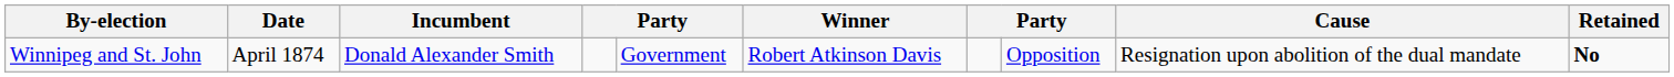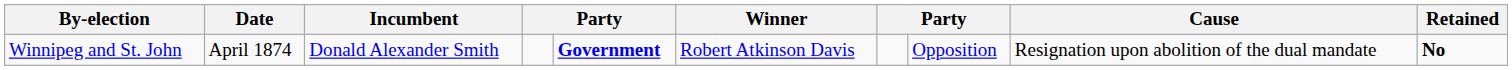 <table class=wikitable style="width:100%">
 <tr>
 <th>By-election</th>
 <th>Date</th>
 <th>Incumbent</th>
 <th colspan=2>Party</th>
 <th>Winner</th>
 <th colspan=2>Party</th>
 <th>Cause</th>
 <th>Retained</th>
 </tr>
 <tr>
 <td><a href='#'>Winnipeg and St. John</a></td>
 <td>April 1874</td>
 <td><a href='#'>Donald Alexander Smith</a></td>
 <td>    </td>
-<td><a href='#'>Government</a></td>
+<td><strong><a href='#'>Government</a></strong></td>
 <td><a href='#'>Robert Atkinson Davis</a></td>
 <td>    </td>
 <td><a href='#'>Opposition</a></td>
 <td>Resignation upon abolition of the dual mandate</td>
 <td><strong>No</strong></td>
 </tr>
 </table>
